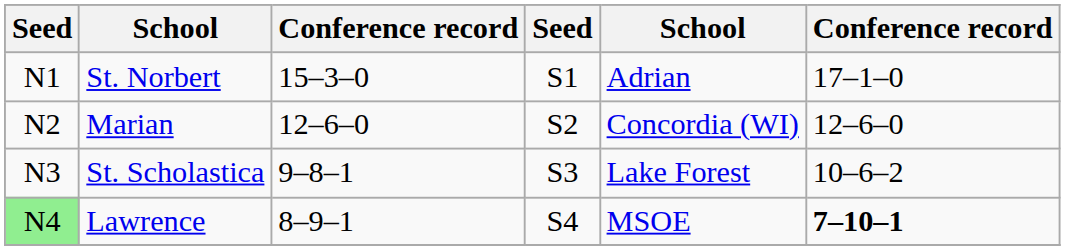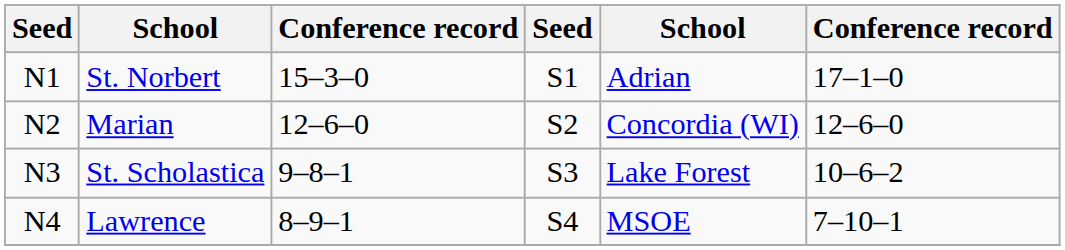 <table class="wikitable">
 <tr>
 <th>Seed</th>
 <th>School</th>
 <th>Conference record</th>
 <th>Seed</th>
 <th>School</th>
 <th>Conference record</th>
 </tr>
 <tr>
 <td align=center>N1</td>
 <td><a href='#'>St. Norbert</a></td>
 <td>15–3–0</td>
 <td align=center>S1</td>
 <td><a href='#'>Adrian</a></td>
 <td>17–1–0</td>
 </tr>
 <tr>
 <td align=center>N2</td>
 <td><a href='#'>Marian</a></td>
 <td>12–6–0</td>
 <td align=center>S2</td>
 <td><a href='#'>Concordia (WI)</a></td>
 <td>12–6–0</td>
 </tr>
 <tr>
 <td align=center>N3</td>
 <td><a href='#'>St. Scholastica</a></td>
 <td>9–8–1</td>
 <td align=center>S3</td>
 <td><a href='#'>Lake Forest</a></td>
 <td>10–6–2</td>
 </tr>
 <tr>
-<td align=center style="background: lightgreen;">N4</td>
+<td align=center>N4</td>
 <td><a href='#'>Lawrence</a></td>
 <td>8–9–1</td>
 <td align=center>S4</td>
 <td><a href='#'>MSOE</a></td>
-<td><strong>7–10–1</strong></td>
+<td>7–10–1</td>
 </tr>
 <tr>
 </tr>
 </table>
